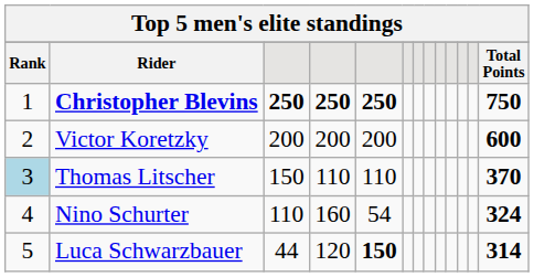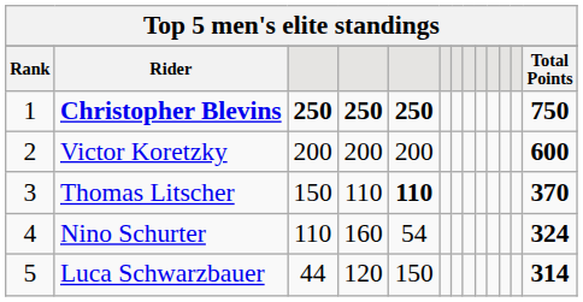 <table class="wikitable sortable">
 <tr>
 <th colspan=28 align="center"><strong>Top 5 men's elite standings</strong></th>
 </tr>
 <tr>
 </tr>
 <tr style="font-size:8pt;font-weight:bold">
 <th align="center">Rank</th>
 <th align="center">Rider</th>
 <th class=unsortable style="background:#E5E4E2;"><small></small></th>
 <th class=unsortable style="background:#E5E4E2;"><small></small></th>
 <th class=unsortable style="background:#E5E4E2;"><small></small></th>
 <th class=unsortable style="background:#E5E4E2;"><small></small></th>
 <th class=unsortable style="background:#E5E4E2;"><small></small></th>
 <th class=unsortable style="background:#E5E4E2;"><small></small></th>
 <th class=unsortable style="background:#E5E4E2;"><small></small></th>
 <th class=unsortable style="background:#E5E4E2;"><small></small></th>
 <th class=unsortable style="background:#E5E4E2;"><small></small></th>
 <th class=unsortable style="background:#E5E4E2;"><small></small></th>
 <th align="center">Total<br>Points</th>
 </tr>
 <tr>
 <td align=center>1</td>
 <td> <strong><a href='#'>Christopher Blevins</a></strong></td>
 <td align=center><strong>250</strong></td>
 <td align=center><strong>250</strong></td>
 <td align=center><strong>250</strong></td>
 <td align=center></td>
 <td align=center></td>
 <td align=center></td>
 <td align=center></td>
 <td align=center></td>
 <td align=center></td>
 <td align=center></td>
 <td align=center><strong>750</strong></td>
 </tr>
 <tr>
 <td align=center>2</td>
 <td> <a href='#'>Victor Koretzky</a></td>
 <td align=center>200</td>
 <td align=center>200</td>
 <td align=center>200</td>
 <td align=center></td>
 <td align=center></td>
 <td align=center></td>
 <td align=center></td>
 <td align=center></td>
 <td align=center></td>
 <td align=center></td>
 <td align=center><strong>600</strong></td>
 </tr>
 <tr>
-<td align=center style="background: lightblue;">3</td>
+<td align=center>3</td>
 <td> <a href='#'>Thomas Litscher</a></td>
 <td align=center>150</td>
 <td align=center>110</td>
-<td align=center>110</td>
+<td align=center><strong>110</strong></td>
 <td align=center></td>
 <td align=center></td>
 <td align=center></td>
 <td align=center></td>
 <td align=center></td>
 <td align=center></td>
 <td align=center></td>
 <td align=center><strong>370</strong></td>
 </tr>
 <tr>
 <td align=center>4</td>
 <td> <a href='#'>Nino Schurter</a></td>
 <td align=center>110</td>
 <td align=center>160</td>
 <td align=center>54</td>
 <td align=center></td>
 <td align=center></td>
 <td align=center></td>
 <td align=center></td>
 <td align=center></td>
 <td align=center></td>
 <td align=center></td>
 <td align=center><strong>324</strong></td>
 </tr>
 <tr>
 <td align=center>5</td>
 <td> <a href='#'>Luca Schwarzbauer</a></td>
 <td align=center>44</td>
 <td align=center>120</td>
-<td align=center><strong>150</strong></td>
+<td align=center>150</td>
 <td align=center></td>
 <td align=center></td>
 <td align=center></td>
 <td align=center></td>
 <td align=center></td>
 <td align=center></td>
 <td align=center></td>
 <td align=center><strong>314</strong><br></td>
 </tr>
 </table>
